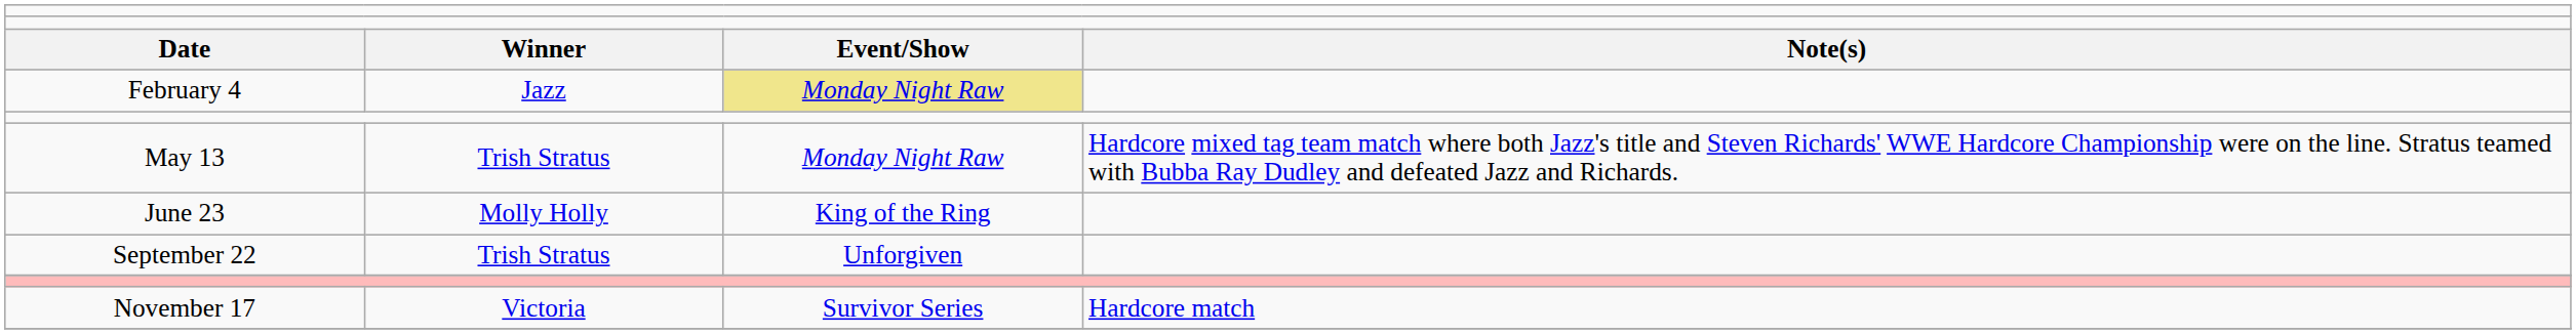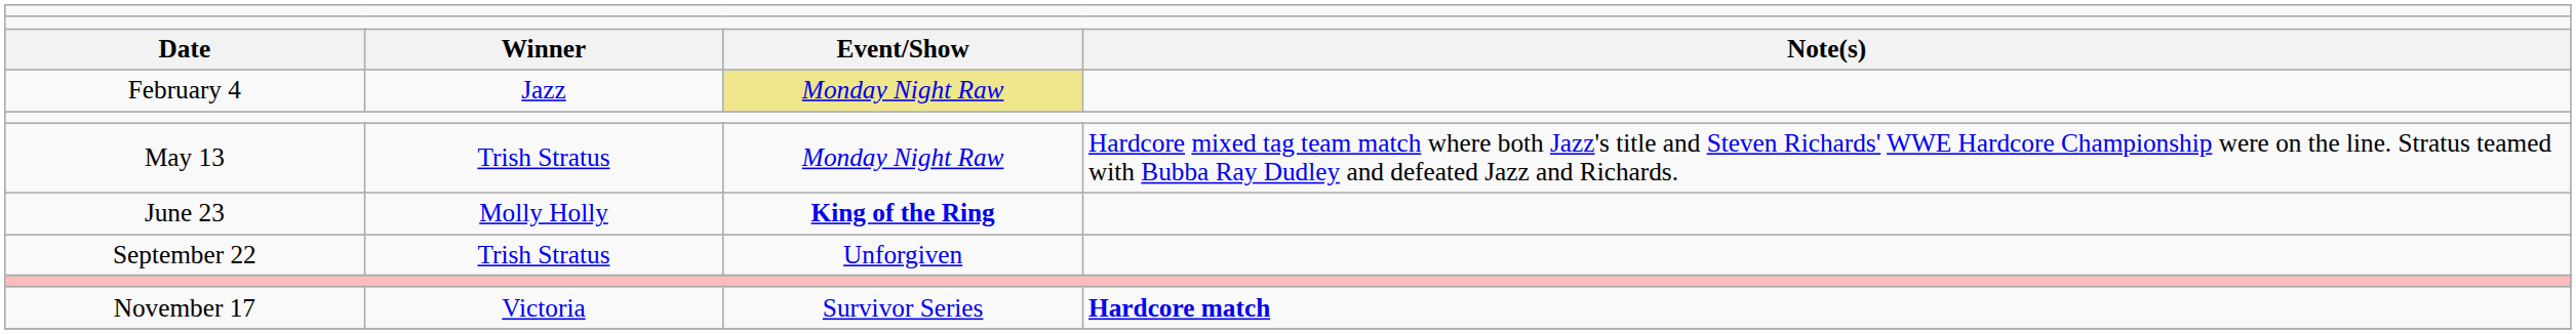 <table class="wikitable" style="text-align:center; width:100%;">
 <tr>
 <td colspan="5"></td>
 </tr>
 <tr>
 <td colspan="5"><strong></strong></td>
 </tr>
 <tr>
 <th width=14%>Date</th>
 <th width=14%>Winner</th>
 <th width=14%>Event/Show</th>
 <th width=58%>Note(s)</th>
 </tr>
 <tr>
 <td>February 4</td>
 <td><a href='#'>Jazz</a></td>
 <td style="background: khaki;"><em><a href='#'>Monday Night Raw</a></em></td>
 <td></td>
 </tr>
 <tr>
 <td colspan="5"></td>
 </tr>
 <tr>
 <td>May 13</td>
 <td><a href='#'>Trish Stratus</a></td>
 <td><em><a href='#'>Monday Night Raw</a></em></td>
 <td align=left><a href='#'>Hardcore</a> <a href='#'>mixed tag team match</a> where both <a href='#'>Jazz</a>'s title and <a href='#'>Steven Richards'</a> <a href='#'>WWE Hardcore Championship</a> were on the line. Stratus teamed with <a href='#'>Bubba Ray Dudley</a> and defeated Jazz and Richards.</td>
 </tr>
 <tr>
 <td>June 23</td>
 <td><a href='#'>Molly Holly</a></td>
-<td><a href='#'>King of the Ring</a></td>
+<td><strong><a href='#'>King of the Ring</a></strong></td>
 <td></td>
 </tr>
 <tr>
 <td>September 22</td>
 <td><a href='#'>Trish Stratus</a></td>
 <td><a href='#'>Unforgiven</a></td>
 <td></td>
 </tr>
 <tr>
 </tr>
 <tr>
 </tr>
 <tr style="background:#FBB;">
 <td colspan="5"></td>
 </tr>
 <tr>
 <td>November 17</td>
 <td><a href='#'>Victoria</a></td>
 <td><a href='#'>Survivor Series</a></td>
-<td align=left><a href='#'>Hardcore match</a></td>
+<td align=left><strong><a href='#'>Hardcore match</a></strong></td>
 </tr>
 <tr>
 </tr>
 </table>
